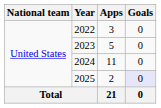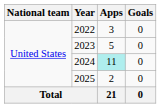 <table class="wikitable" style="text-align:center">
 <tr>
 <th>National team</th>
 <th>Year</th>
 <th>Apps</th>
 <th>Goals</th>
 </tr>
 <tr>
 <td rowspan="4"><a href='#'>United States</a></td>
 <td>2022</td>
 <td>3</td>
 <td>0</td>
 </tr>
 <tr>
 <td>2023</td>
 <td>5</td>
 <td>0</td>
 </tr>
 <tr>
 <td>2024</td>
-<td>11</td>
+<td style="background: paleturquoise;">11</td>
 <td>0</td>
 </tr>
 <tr>
 <td>2025</td>
 <td>2</td>
-<td style="background: lavender;">0</td>
+<td>0</td>
 </tr>
 <tr>
 <th colspan="2">Total</th>
 <th>21</th>
 <th>0</th>
 </tr>
 </table>
